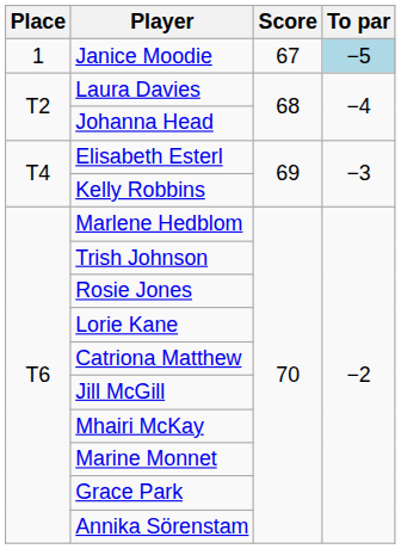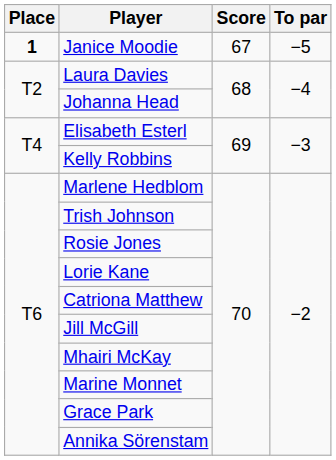 <table class="wikitable">
 <tr>
 <th>Place</th>
 <th>Player</th>
 <th>Score</th>
 <th>To par</th>
 </tr>
 <tr>
-<td align=center>1</td>
+<td align=center><strong>1</strong></td>
 <td> <a href='#'>Janice Moodie</a></td>
 <td align=center>67</td>
-<td align=center style="background: lightblue;">−5</td>
+<td align=center>−5</td>
 </tr>
 <tr>
 <td align=center rowspan=2>T2</td>
 <td> <a href='#'>Laura Davies</a></td>
 <td align=center rowspan=2>68</td>
 <td align=center rowspan=2>−4</td>
 </tr>
 <tr>
 <td> <a href='#'>Johanna Head</a></td>
 </tr>
 <tr>
 <td align=center rowspan=2>T4</td>
 <td> <a href='#'>Elisabeth Esterl</a></td>
 <td align=center rowspan=2>69</td>
 <td align=center rowspan=2>−3</td>
 </tr>
 <tr>
 <td> <a href='#'>Kelly Robbins</a></td>
 </tr>
 <tr>
 <td align=center rowspan=10>T6</td>
 <td> <a href='#'>Marlene Hedblom</a></td>
 <td align=center rowspan=10>70</td>
 <td align=center rowspan=10>−2</td>
 </tr>
 <tr>
 <td> <a href='#'>Trish Johnson</a></td>
 </tr>
 <tr>
 <td> <a href='#'>Rosie Jones</a></td>
 </tr>
 <tr>
 <td> <a href='#'>Lorie Kane</a></td>
 </tr>
 <tr>
 <td> <a href='#'>Catriona Matthew</a></td>
 </tr>
 <tr>
 <td> <a href='#'>Jill McGill</a></td>
 </tr>
 <tr>
 <td> <a href='#'>Mhairi McKay</a></td>
 </tr>
 <tr>
 <td> <a href='#'>Marine Monnet</a></td>
 </tr>
 <tr>
 <td> <a href='#'>Grace Park</a></td>
 </tr>
 <tr>
 <td> <a href='#'>Annika Sörenstam</a></td>
 </tr>
 </table>
